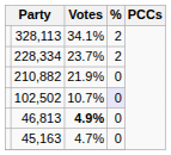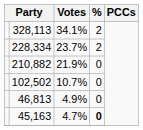 <table class="wikitable" style="text-align:right;">
 <tr>
 <th colspan=2>Party</th>
 <th scope="col">Votes</th>
 <th scope="col">%</th>
 <th scope="col">PCCs</th>
 </tr>
 <tr>
 <td></td>
 <td>328,113</td>
 <td>34.1%</td>
 <td>2</td>
 </tr>
 <tr>
 <td></td>
 <td>228,334</td>
 <td>23.7%</td>
 <td>2</td>
 </tr>
 <tr>
 <td></td>
 <td>210,882</td>
 <td>21.9%</td>
 <td>0</td>
 </tr>
 <tr>
 <td></td>
 <td>102,502</td>
 <td>10.7%</td>
-<td style="background: lavender;">0</td>
+<td>0</td>
 </tr>
 <tr>
 <td></td>
 <td>46,813</td>
-<td><strong>4.9%</strong></td>
+<td>4.9%</td>
 <td>0</td>
 </tr>
 <tr>
 <td></td>
 <td>45,163</td>
 <td>4.7%</td>
-<td>0</td>
+<td><strong>0</strong></td>
 </tr>
 <tr>
 </tr>
 </table>
